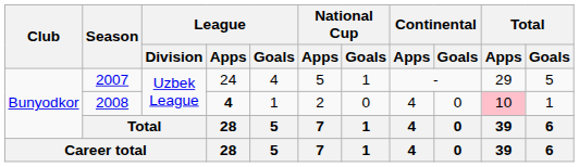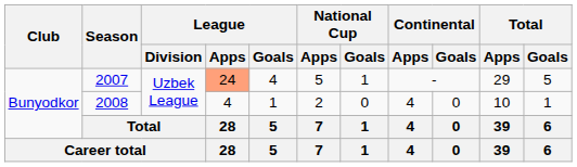 <table class="wikitable" style="text-align: center;">
 <tr>
 <th rowspan="2">Club</th>
 <th rowspan="2">Season</th>
 <th colspan="3">League</th>
 <th colspan="2">National Cup</th>
 <th colspan="2">Continental</th>
 <th colspan="2">Total</th>
 </tr>
 <tr>
 <th>Division</th>
 <th>Apps</th>
 <th>Goals</th>
 <th>Apps</th>
 <th>Goals</th>
 <th>Apps</th>
 <th>Goals</th>
 <th>Apps</th>
 <th>Goals</th>
 </tr>
 <tr>
 <td rowspan="3" valign="center"><a href='#'>Bunyodkor</a></td>
 <td><a href='#'>2007</a></td>
 <td rowspan="2" valign="center"><a href='#'>Uzbek League</a></td>
-<td>24</td>
+<td style="background: lightsalmon;">24</td>
 <td>4</td>
 <td>5</td>
 <td>1</td>
 <td colspan="2">-</td>
 <td>29</td>
 <td>5</td>
 </tr>
 <tr>
 <td><a href='#'>2008</a></td>
-<td><strong>4</strong></td>
+<td>4</td>
 <td>1</td>
 <td>2</td>
 <td>0</td>
 <td>4</td>
 <td>0</td>
-<td style="background: pink;">10</td>
+<td>10</td>
 <td>1</td>
 </tr>
 <tr>
 <th colspan="2">Total</th>
 <th>28</th>
 <th>5</th>
 <th>7</th>
 <th>1</th>
 <th>4</th>
 <th>0</th>
 <th>39</th>
 <th>6</th>
 </tr>
 <tr>
 <th colspan="3">Career total</th>
 <th>28</th>
 <th>5</th>
 <th>7</th>
 <th>1</th>
 <th>4</th>
 <th>0</th>
 <th>39</th>
 <th>6</th>
 </tr>
 </table>
